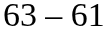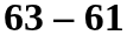 <table style="text-align:center;">
 <tr>
 <th width=200></th>
 <th width=100></th>
 <th width=200></th>
 <th></th>
 </tr>
 <tr>
 <td align=right><strong></strong></td>
-<td>63 – 61</td>
+<td><strong>63 – 61</strong></td>
 <td align=left></td>
 </tr>
 </table>
